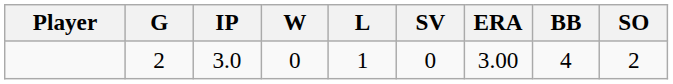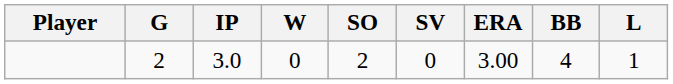 <table class="wikitable sortable">
 <tr>
 <th bgcolor="#DDDDFF" width="16%">Player</th>
 <th bgcolor="#DDDDFF" width="9%">G</th>
 <th bgcolor="#DDDDFF" width="9%">IP</th>
 <th bgcolor="#DDDDFF" width="9%">W</th>
-<th bgcolor="#DDDDFF" width="9%">L</th>
+<th bgcolor="#DDDDFF" width="9%">SO</th>
 <th bgcolor="#DDDDFF" width="9%">SV</th>
 <th bgcolor="#DDDDFF" width="9%">ERA</th>
 <th bgcolor="#DDDDFF" width="9%">BB</th>
-<th bgcolor="#DDDDFF" width="9%">SO</th>
+<th bgcolor="#DDDDFF" width="9%">L</th>
 </tr>
 <tr align="center">
 <td></td>
 <td>2</td>
 <td>3.0</td>
 <td>0</td>
-<td>1</td>
+<td>2</td>
 <td>0</td>
 <td>3.00</td>
 <td>4</td>
-<td>2</td>
+<td>1</td>
 </tr>
 </table>
